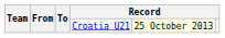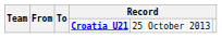 <table class="wikitable sortable">
 <tr>
 <th rowspan="2">Team</th>
 <th rowspan="2">From</th>
 <th rowspan="2">To</th>
 <th colspan="5">Record</th>
 </tr>
 <tr>
-<td><a href='#'>Croatia U21</a></td>
-<td style="background: lightyellow;">25 October 2013</td>
+<td><strong><a href='#'>Croatia U21</a></strong></td>
+<td>25 October 2013</td>
 <td><br></td>
 </tr>
 </table>
